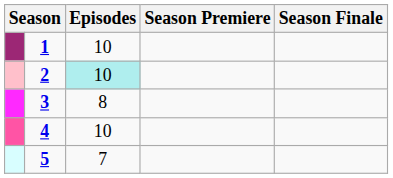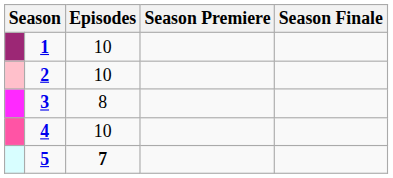 <table class="wikitable">
 <tr>
 <th colspan="2">Season</th>
 <th>Episodes</th>
 <th>Season Premiere</th>
 <th>Season Finale</th>
 </tr>
 <tr>
 <td style="background:#9C2775; height:5px;"></td>
 <td style="text-align:center;"><strong><a href='#'>1</a></strong></td>
 <td style="text-align:center;">10</td>
 <td style="text-align:center;"></td>
 <td style="text-align:center;"></td>
 </tr>
 <tr>
 <td style="background:pink; height:5px;"></td>
 <td style="text-align:center;"><strong><a href='#'>2</a></strong></td>
-<td style="background: paleturquoise; text-align:center;">10</td>
+<td style="text-align:center;">10</td>
 <td style="text-align:center;"></td>
 <td style="text-align:center;"></td>
 </tr>
 <tr>
 <td style="background:#FF29FF; height:5px;"></td>
 <td style="text-align:center;"><strong><a href='#'>3</a></strong></td>
 <td style="text-align:center;">8</td>
 <td style="text-align:center;"></td>
 <td style="text-align:center;"></td>
 </tr>
 <tr>
 <td style="background:#FF54A5; height:5px;"></td>
 <td style="text-align:center;"><strong><a href='#'>4</a></strong></td>
 <td style="text-align:center;">10</td>
 <td style="text-align:center;"></td>
 <td style="text-align:center;"></td>
 </tr>
 <tr>
 <td style="background:#d8feff; height:5px;"></td>
 <td style="text-align:center;"><strong><a href='#'>5</a></strong></td>
-<td style="text-align:center;">7</td>
+<td style="text-align:center;"><strong>7</strong></td>
 <td style="text-align:center;"></td>
 <td style="text-align:center;"></td>
 </tr>
 </table>
